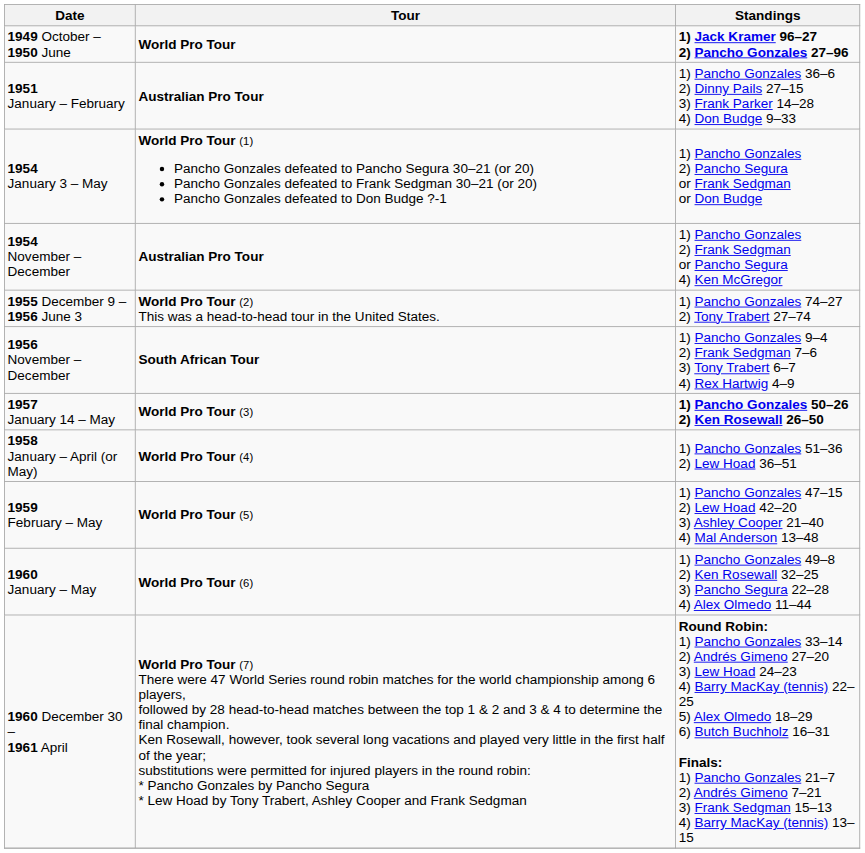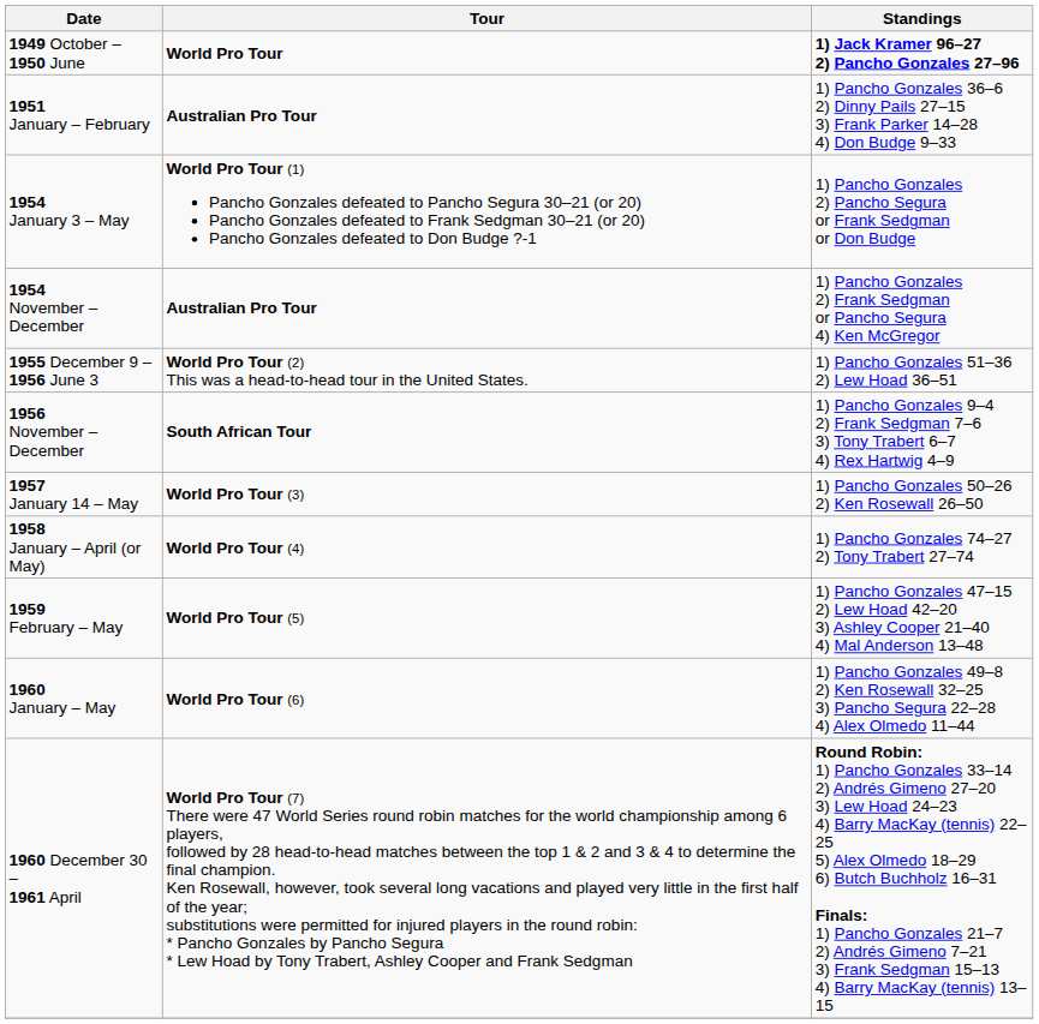 <table class="wikitable" style="font-size:95%;">
 <tr>
 <th width=140>Date</th>
 <th width=600>Tour</th>
 <th width=200>Standings</th>
 </tr>
 <tr>
 <td><strong>1949</strong> October – <br><strong>1950</strong> June</td>
 <td><strong>World Pro Tour</strong></td>
 <td><strong>1)  <a href='#'>Jack Kramer</a> 96–27 <br> 2)  <a href='#'>Pancho Gonzales</a> 27–96</strong></td>
 </tr>
 <tr>
 <td><strong>1951</strong> <br>January – February</td>
 <td><strong>Australian Pro Tour</strong> <br></td>
 <td>1)  <a href='#'>Pancho Gonzales</a> 36–6 <br> 2)  <a href='#'>Dinny Pails</a> 27–15 <br>  3)  <a href='#'>Frank Parker</a> 14–28 <br> 4)  <a href='#'>Don Budge</a> 9–33</td>
 </tr>
 <tr>
 <td><strong>1954</strong> <br>January 3 – May</td>
 <td><strong>World Pro Tour</strong> <small>(1)</small><br><ul><li>Pancho Gonzales defeated to Pancho Segura 30–21 (or 20)</li><li>Pancho Gonzales defeated to Frank Sedgman 30–21 (or 20)</li><li>Pancho Gonzales defeated to Don Budge ?-1</li></ul></td>
 <td>1)  <a href='#'>Pancho Gonzales</a> <br> 2)  <a href='#'>Pancho Segura</a> <br> or  <a href='#'>Frank Sedgman</a> <br> or  <a href='#'>Don Budge</a></td>
 </tr>
 <tr>
 <td><strong>1954</strong> <br>November – December</td>
 <td><strong>Australian Pro Tour</strong></td>
 <td>1)  <a href='#'>Pancho Gonzales</a> <br> 2)  <a href='#'>Frank Sedgman</a> <br> or  <a href='#'>Pancho Segura</a> <br> 4)  <a href='#'>Ken McGregor</a></td>
 </tr>
 <tr>
 <td><strong>1955</strong> December 9 – <br><strong>1956</strong> June 3</td>
 <td><strong>World Pro Tour</strong> <small>(2)</small><br> This was a head-to-head tour in the United States.</td>
-<td>1)  <a href='#'>Pancho Gonzales</a> 74–27 <br> 2)  <a href='#'>Tony Trabert</a> 27–74</td>
+<td>1)  <a href='#'>Pancho Gonzales</a> 51–36 <br> 2)  <a href='#'>Lew Hoad</a> 36–51</td>
 </tr>
 <tr>
 <td><strong>1956</strong> <br>November – December</td>
 <td><strong>South African Tour</strong></td>
 <td>1)  <a href='#'>Pancho Gonzales</a> 9–4 <br> 2)  <a href='#'>Frank Sedgman</a> 7–6 <br>3)  <a href='#'>Tony Trabert</a> 6–7 <br>4)  <a href='#'>Rex Hartwig</a> 4–9</td>
 </tr>
 <tr>
 <td><strong>1957</strong> <br>January 14 – May</td>
 <td><strong>World Pro Tour</strong> <small>(3)</small></td>
-<td><strong>1)  <a href='#'>Pancho Gonzales</a> 50–26 <br> 2)  <a href='#'>Ken Rosewall</a> 26–50</strong></td>
+<td>1)  <a href='#'>Pancho Gonzales</a> 50–26 <br> 2)  <a href='#'>Ken Rosewall</a> 26–50</td>
 </tr>
 <tr>
 <td><strong>1958</strong> <br>January – April (or May)</td>
 <td><strong>World Pro Tour</strong> <small>(4)</small></td>
-<td>1)  <a href='#'>Pancho Gonzales</a> 51–36 <br> 2)  <a href='#'>Lew Hoad</a> 36–51</td>
+<td>1)  <a href='#'>Pancho Gonzales</a> 74–27 <br> 2)  <a href='#'>Tony Trabert</a> 27–74</td>
 </tr>
 <tr>
 <td><strong>1959</strong> <br>February – May</td>
 <td><strong>World Pro Tour</strong> <small>(5)</small></td>
 <td>1)  <a href='#'>Pancho Gonzales</a> 47–15 <br>2)  <a href='#'>Lew Hoad</a> 42–20 <br>3)  <a href='#'>Ashley Cooper</a> 21–40 <br>4)  <a href='#'>Mal Anderson</a> 13–48</td>
 </tr>
 <tr>
 <td><strong>1960</strong> <br>January – May</td>
 <td><strong>World Pro Tour</strong> <small>(6)</small></td>
 <td>1)  <a href='#'>Pancho Gonzales</a> 49–8 <br> 2)  <a href='#'>Ken Rosewall</a> 32–25 <br> 3)  <a href='#'>Pancho Segura</a> 22–28 <br> 4)  <a href='#'>Alex Olmedo</a> 11–44</td>
 </tr>
 <tr>
 <td><strong>1960</strong> December 30 – <br> <strong>1961</strong> April</td>
 <td><strong>World Pro Tour</strong> <small>(7)</small><br> There were 47 World Series round robin matches for the world championship among 6 players,<br> followed by 28 head-to-head matches between the top 1 & 2 and 3 & 4 to determine the final champion.<br> Ken Rosewall, however, took several long vacations and played very little in the first half of the year;<br> substitutions were permitted for injured players in the round robin: <br>* Pancho Gonzales by Pancho Segura <br>* Lew Hoad by Tony Trabert, Ashley Cooper and Frank Sedgman</td>
 <td><strong>Round Robin:</strong> <br> 1)  <a href='#'>Pancho Gonzales</a> 33–14 <br> 2)  <a href='#'>Andrés Gimeno</a> 27–20 <br> 3)  <a href='#'>Lew Hoad</a> 24–23 <br> 4)  <a href='#'>Barry MacKay (tennis)</a> 22–25 <br> 5)  <a href='#'>Alex Olmedo</a> 18–29 <br> 6)  <a href='#'>Butch Buchholz</a> 16–31 <br><br><strong>Finals:</strong> <br>  1)  <a href='#'>Pancho Gonzales</a> 21–7 <br> 2)  <a href='#'>Andrés Gimeno</a> 7–21 <br> 3)  <a href='#'>Frank Sedgman</a> 15–13 <br> 4)  <a href='#'>Barry MacKay (tennis)</a> 13–15</td>
 </tr>
 <tr>
 </tr>
 </table>
